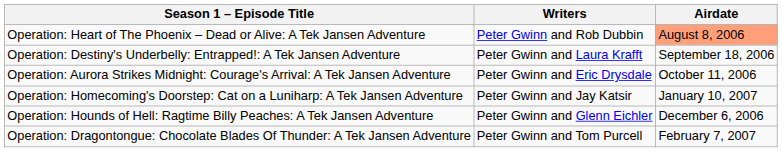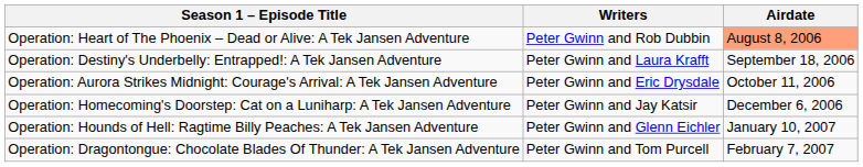 <table class="wikitable">
 <tr>
 <th>Season 1 – Episode Title</th>
 <th>Writers</th>
 <th>Airdate</th>
 </tr>
 <tr>
 <td>Operation: Heart of The Phoenix – Dead or Alive: A Tek Jansen Adventure</td>
 <td><a href='#'>Peter Gwinn</a> and Rob Dubbin</td>
 <td style="background: lightsalmon;">August 8, 2006</td>
 </tr>
 <tr>
 <td>Operation: Destiny's Underbelly: Entrapped!: A Tek Jansen Adventure</td>
 <td>Peter Gwinn and <a href='#'>Laura Krafft</a></td>
 <td>September 18, 2006</td>
 </tr>
 <tr>
 <td>Operation: Aurora Strikes Midnight: Courage's Arrival: A Tek Jansen Adventure</td>
 <td>Peter Gwinn and <a href='#'>Eric Drysdale</a></td>
 <td>October 11, 2006</td>
 </tr>
 <tr>
 <td>Operation: Homecoming's Doorstep: Cat on a Luniharp: A Tek Jansen Adventure</td>
 <td>Peter Gwinn and Jay Katsir</td>
-<td>January 10, 2007</td>
+<td>December 6, 2006</td>
 </tr>
 <tr>
 <td>Operation: Hounds of Hell: Ragtime Billy Peaches: A Tek Jansen Adventure</td>
 <td>Peter Gwinn and <a href='#'>Glenn Eichler</a></td>
-<td>December 6, 2006</td>
+<td>January 10, 2007</td>
 </tr>
 <tr>
 <td>Operation: Dragontongue: Chocolate Blades Of Thunder: A Tek Jansen Adventure</td>
 <td>Peter Gwinn and Tom Purcell</td>
 <td>February 7, 2007</td>
 </tr>
 </table>
